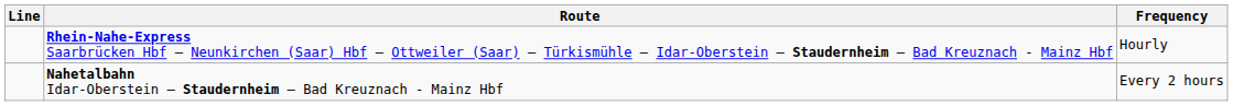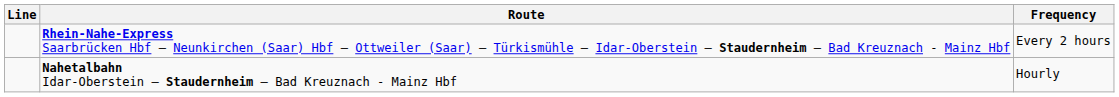 <table class="wikitable">
 <tr>
 <th>Line</th>
 <th>Route</th>
 <th>Frequency</th>
 </tr>
 <tr>
 <td></td>
 <td><strong><a href='#'>Rhein-Nahe-Express</a></strong><br><a href='#'>Saarbrücken Hbf</a> – <a href='#'>Neunkirchen (Saar) Hbf</a> – <a href='#'>Ottweiler (Saar)</a> – <a href='#'>Türkismühle</a> – <a href='#'>Idar-Oberstein</a> – <strong>Staudernheim</strong> – <a href='#'>Bad Kreuznach</a> - <a href='#'>Mainz Hbf</a></td>
-<td>Hourly</td>
+<td>Every 2 hours</td>
 </tr>
 <tr>
 <td></td>
 <td><strong>Nahetalbahn</strong><br>Idar-Oberstein – <strong>Staudernheim</strong> – Bad Kreuznach - Mainz Hbf</td>
-<td>Every 2 hours</td>
+<td>Hourly</td>
 </tr>
 </table>
